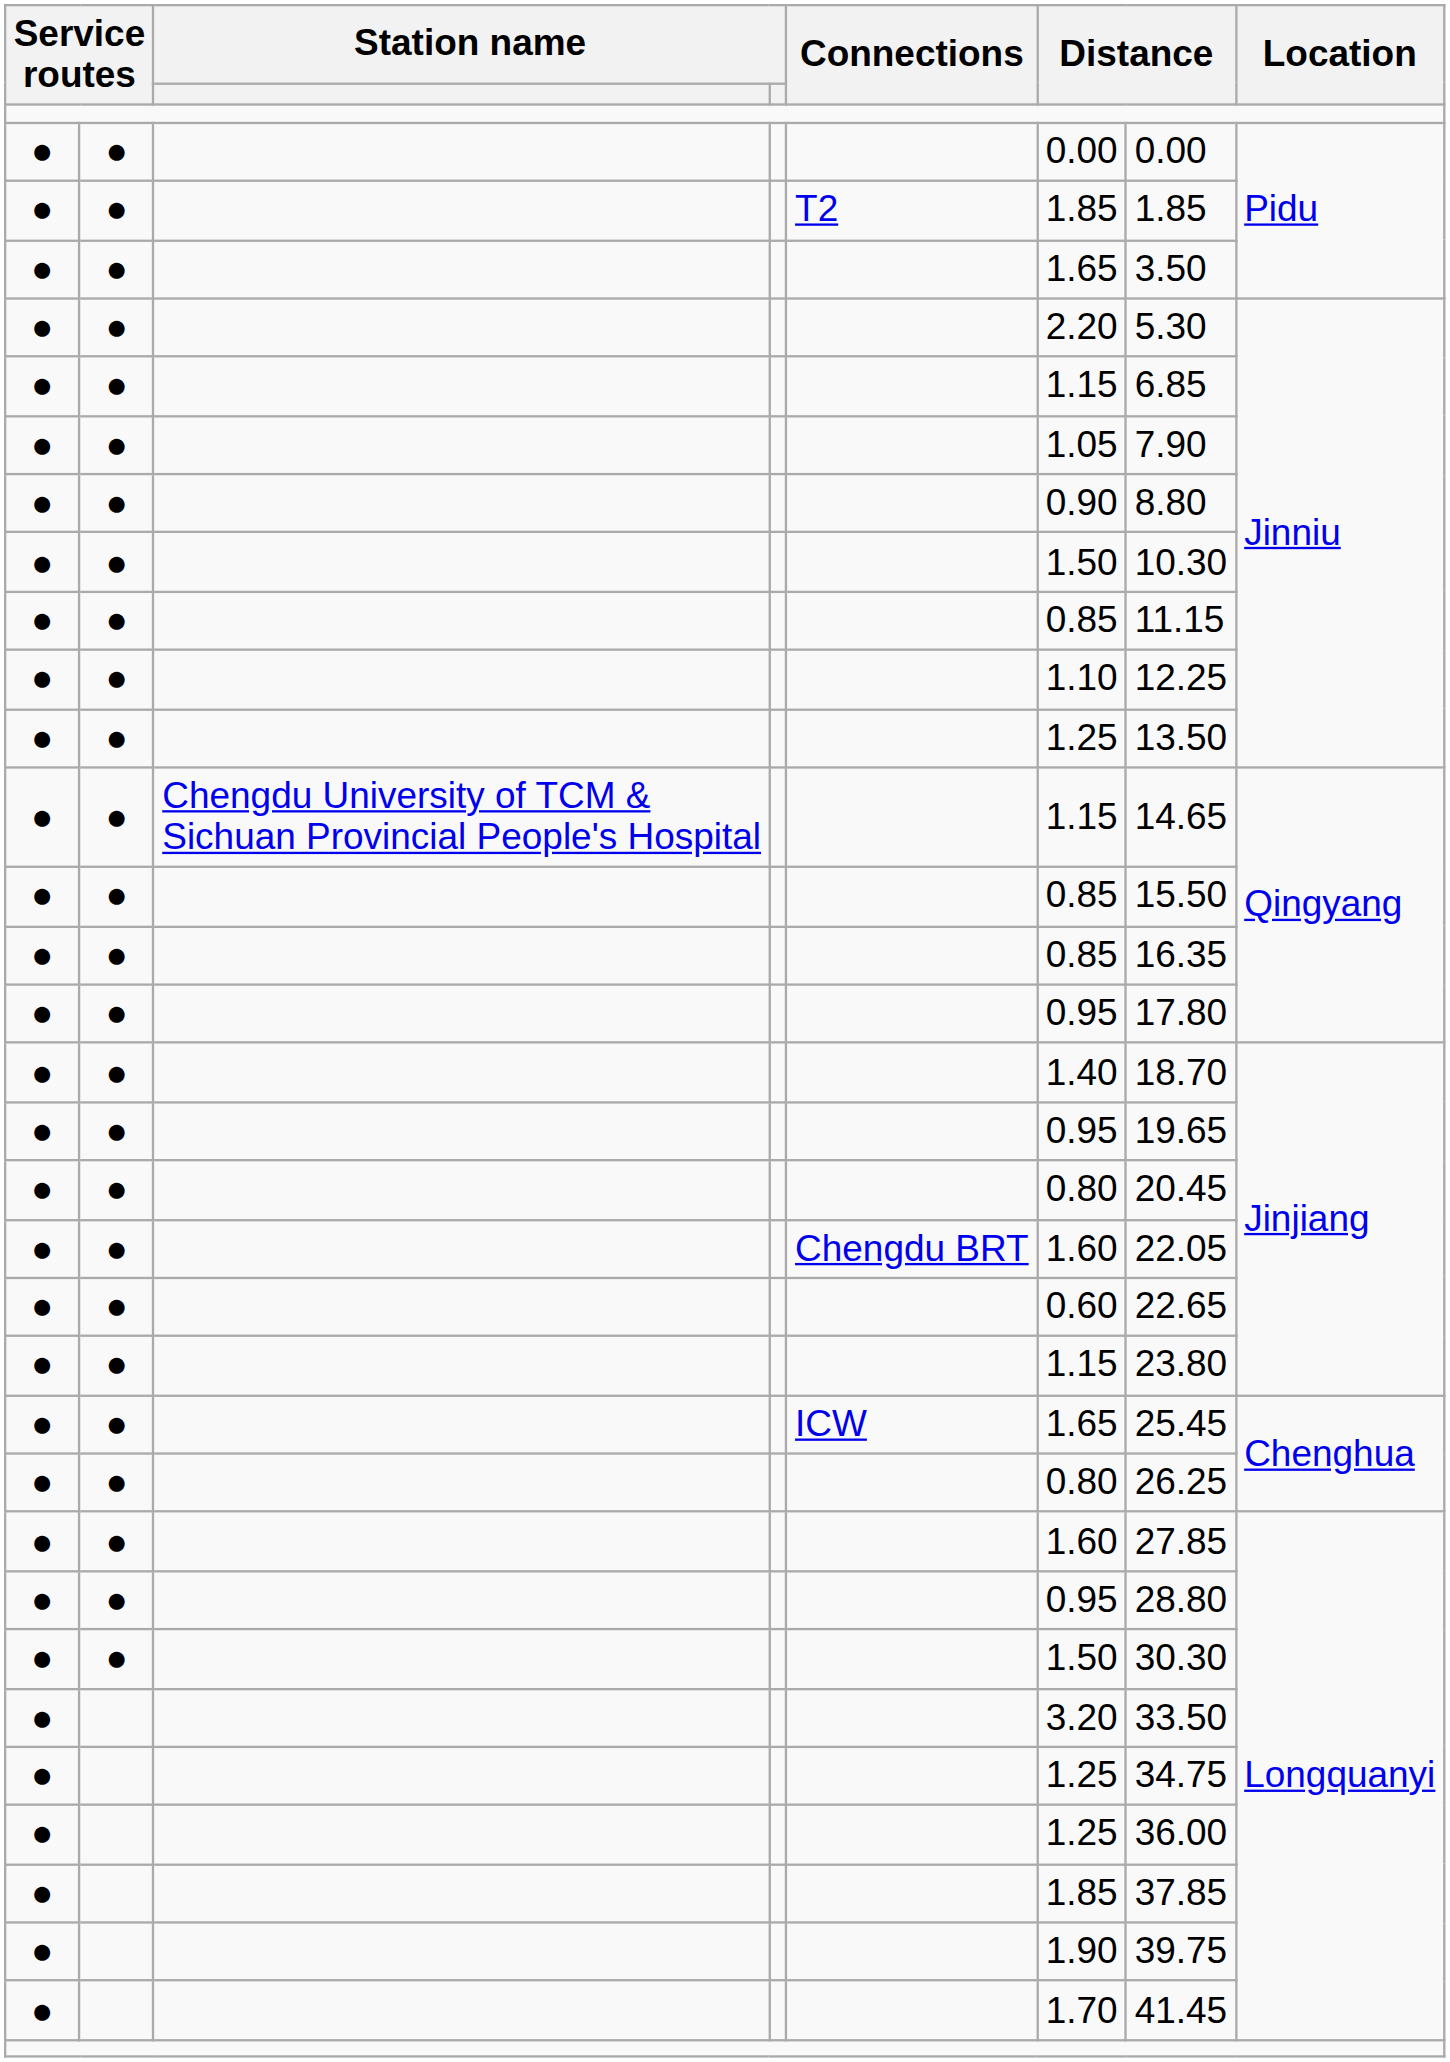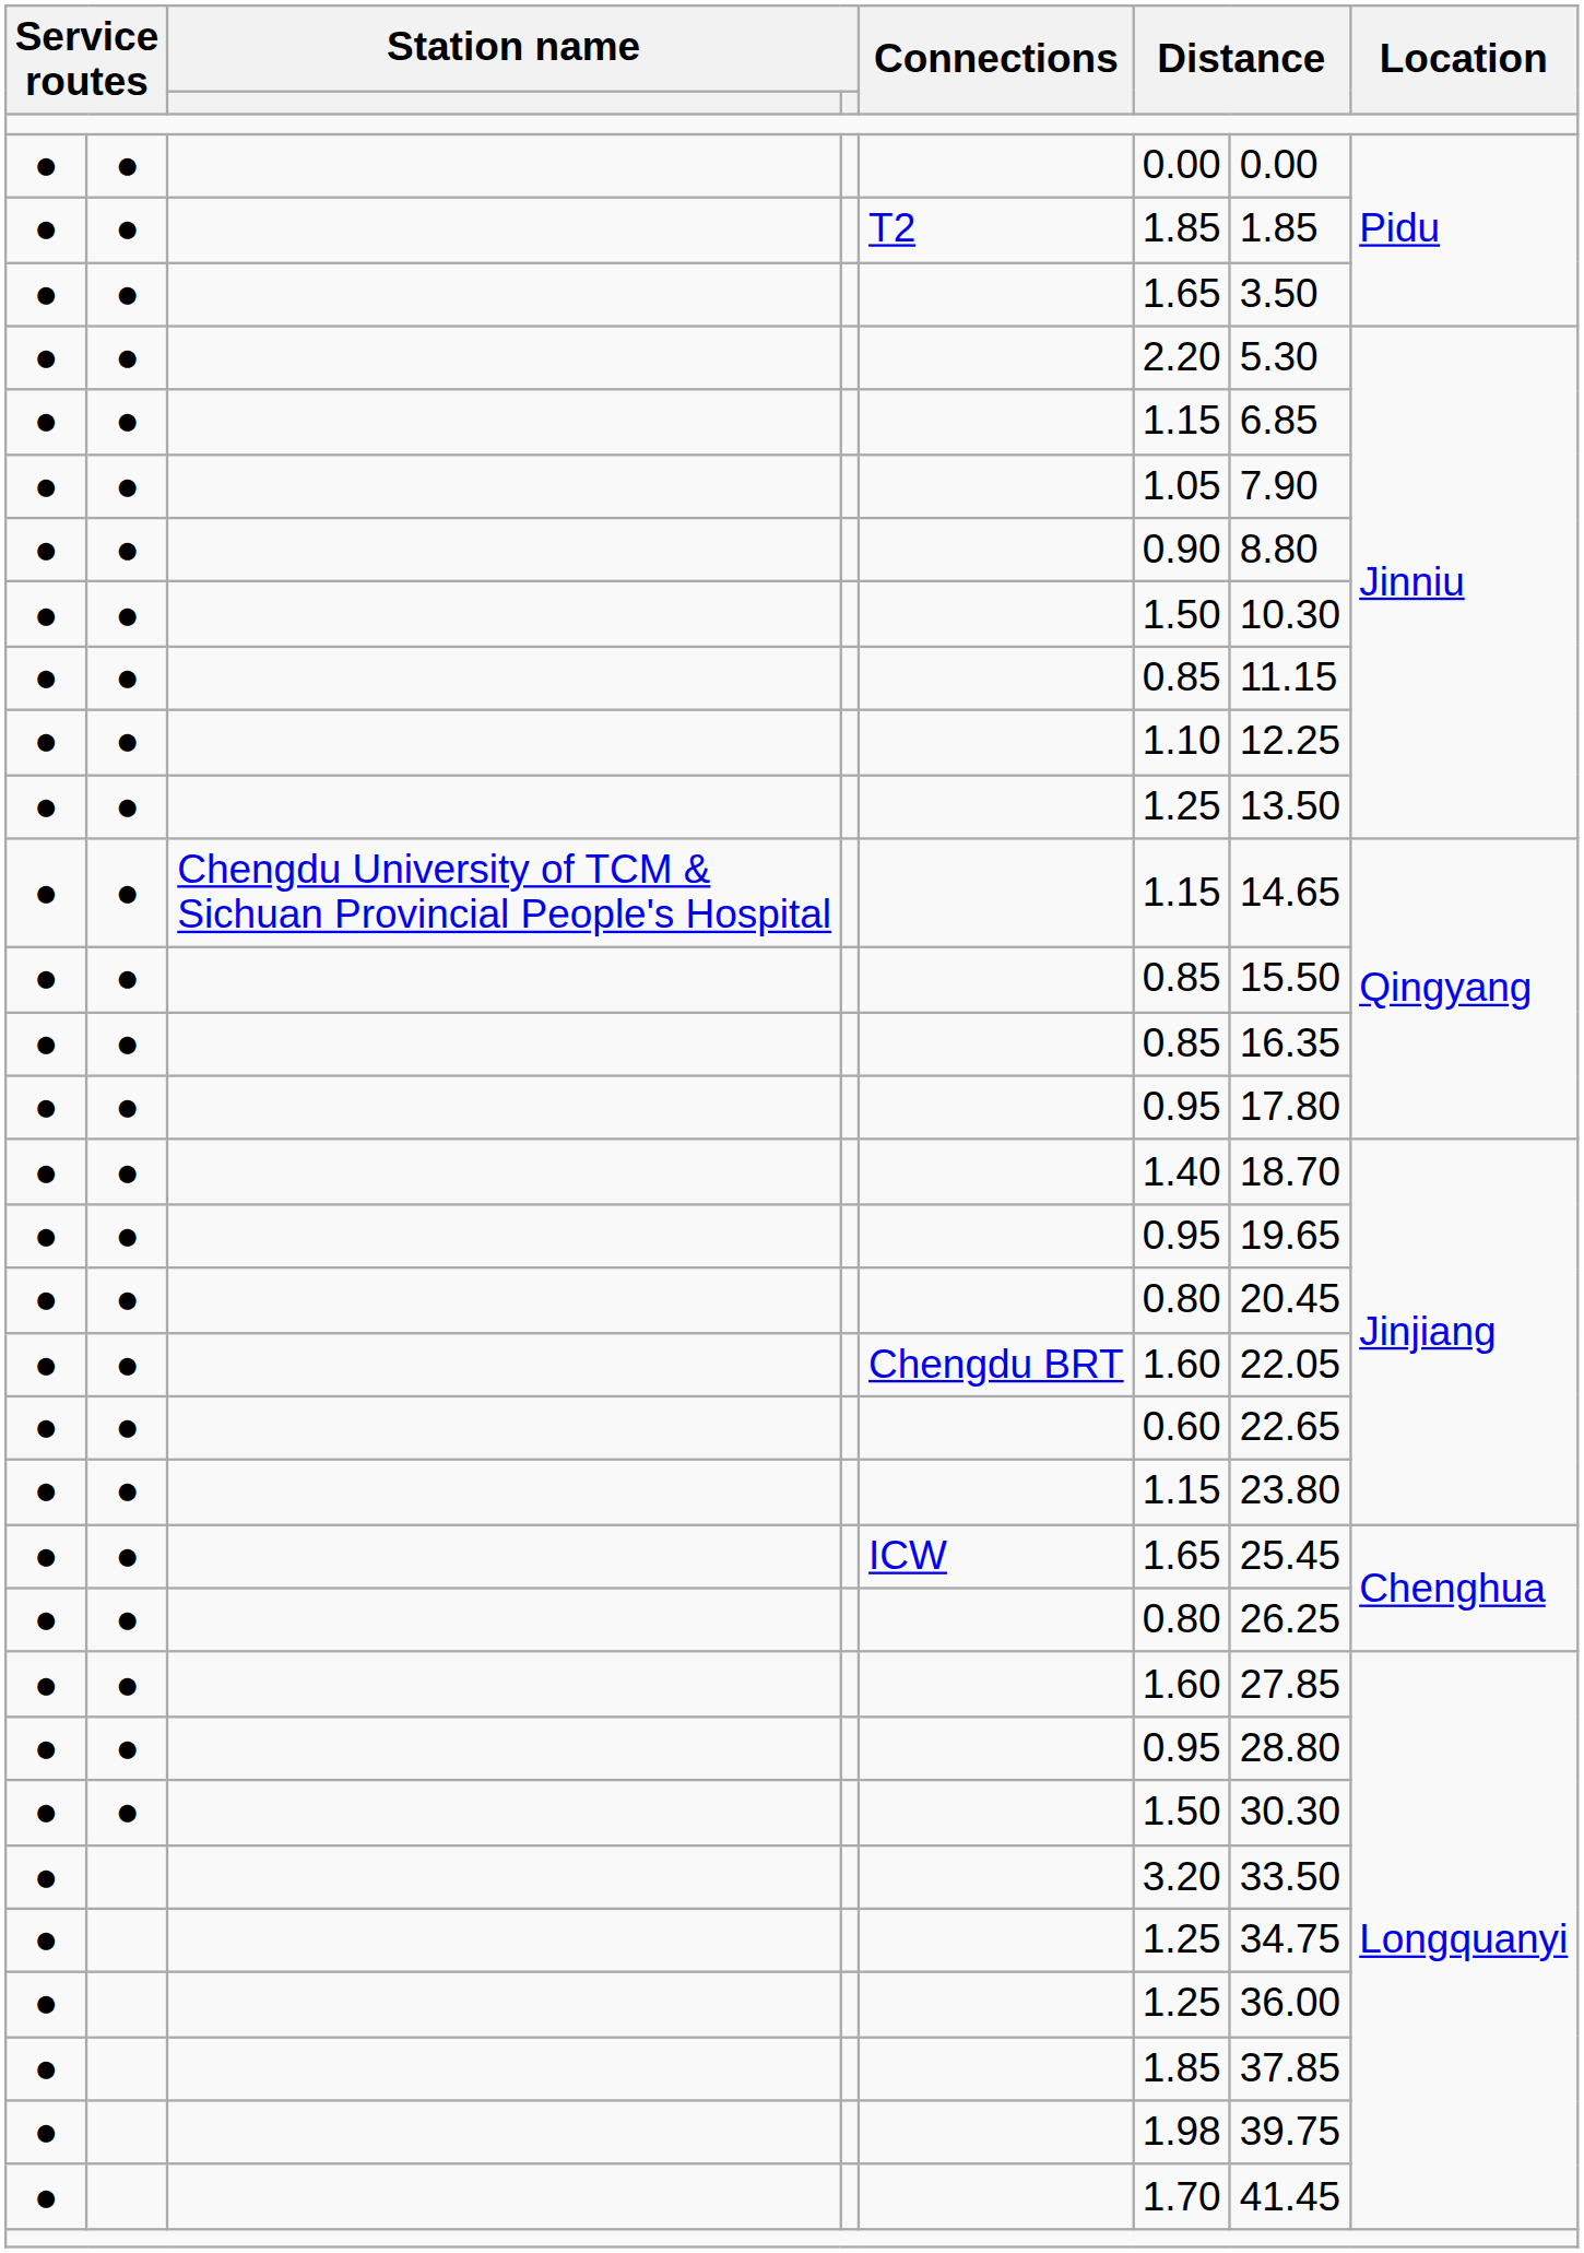 <table class="wikitable">
 <tr>
 <th rowspan="2" colspan="2">Service<br>routes</th>
 <th colspan="2">Station name</th>
 <th rowspan="2">Connections</th>
 <th colspan="2" rowspan="2">Distance<br></th>
 <th rowspan="2">Location</th>
 </tr>
 <tr>
 <th></th>
 <th></th>
 </tr>
 <tr style="background:#">
 <td colspan = "8"></td>
 </tr>
 <tr>
 <td align="center">●</td>
 <td align="center">●</td>
 <td></td>
 <td></td>
 <td> </td>
 <td>0.00</td>
 <td>0.00</td>
 <td rowspan="3"><a href='#'>Pidu</a></td>
 </tr>
 <tr>
 <td align="center">●</td>
 <td align="center">●</td>
 <td></td>
 <td></td>
 <td> <a href='#'>T2</a></td>
 <td>1.85</td>
 <td>1.85</td>
 </tr>
 <tr>
 <td align="center">●</td>
 <td align="center">●</td>
 <td></td>
 <td></td>
 <td></td>
 <td>1.65</td>
 <td>3.50</td>
 </tr>
 <tr>
 <td align="center">●</td>
 <td align="center">●</td>
 <td></td>
 <td></td>
 <td></td>
 <td>2.20</td>
 <td>5.30</td>
 <td rowspan="8"><a href='#'>Jinniu</a></td>
 </tr>
 <tr>
 <td align="center">●</td>
 <td align="center">●</td>
 <td></td>
 <td></td>
 <td></td>
 <td>1.15</td>
 <td>6.85</td>
 </tr>
 <tr>
 <td align="center">●</td>
 <td align="center">●</td>
 <td></td>
 <td></td>
 <td></td>
 <td>1.05</td>
 <td>7.90</td>
 </tr>
 <tr>
 <td align="center">●</td>
 <td align="center">●</td>
 <td></td>
 <td></td>
 <td></td>
 <td>0.90</td>
 <td>8.80</td>
 </tr>
 <tr>
 <td align="center">●</td>
 <td align="center">●</td>
 <td></td>
 <td></td>
 <td></td>
 <td>1.50</td>
 <td>10.30</td>
 </tr>
 <tr>
 <td align="center">●</td>
 <td align="center">●</td>
 <td></td>
 <td></td>
 <td></td>
 <td>0.85</td>
 <td>11.15</td>
 </tr>
 <tr>
 <td align="center">●</td>
 <td align="center">●</td>
 <td></td>
 <td></td>
 <td></td>
 <td>1.10</td>
 <td>12.25</td>
 </tr>
 <tr>
 <td align="center">●</td>
 <td align="center">●</td>
 <td></td>
 <td></td>
 <td></td>
 <td>1.25</td>
 <td>13.50</td>
 </tr>
 <tr>
 <td align="center">●</td>
 <td align="center">●</td>
 <td><a href='#'>Chengdu University of TCM &<br>Sichuan Provincial People's Hospital</a></td>
 <td></td>
 <td> </td>
 <td>1.15</td>
 <td>14.65</td>
 <td rowspan="4"><a href='#'>Qingyang</a></td>
 </tr>
 <tr>
 <td align="center">●</td>
 <td align="center">●</td>
 <td></td>
 <td></td>
 <td></td>
 <td>0.85</td>
 <td>15.50</td>
 </tr>
 <tr>
 <td align="center">●</td>
 <td align="center">●</td>
 <td></td>
 <td></td>
 <td></td>
 <td>0.85</td>
 <td>16.35</td>
 </tr>
 <tr>
 <td align="center">●</td>
 <td align="center">●</td>
 <td></td>
 <td></td>
 <td></td>
 <td>0.95</td>
 <td>17.80</td>
 </tr>
 <tr>
 <td align="center">●</td>
 <td align="center">●</td>
 <td></td>
 <td></td>
 <td></td>
 <td>1.40</td>
 <td>18.70</td>
 <td rowspan="6"><a href='#'>Jinjiang</a></td>
 </tr>
 <tr>
 <td align="center">●</td>
 <td align="center">●</td>
 <td></td>
 <td></td>
 <td></td>
 <td>0.95</td>
 <td>19.65</td>
 </tr>
 <tr>
 <td align="center">●</td>
 <td align="center">●</td>
 <td></td>
 <td></td>
 <td></td>
 <td>0.80</td>
 <td>20.45</td>
 </tr>
 <tr>
 <td align="center">●</td>
 <td align="center">●</td>
 <td></td>
 <td></td>
 <td> <a href='#'>Chengdu BRT</a></td>
 <td>1.60</td>
 <td>22.05</td>
 </tr>
 <tr>
 <td align="center">●</td>
 <td align="center">●</td>
 <td></td>
 <td></td>
 <td></td>
 <td>0.60</td>
 <td>22.65</td>
 </tr>
 <tr>
 <td align="center">●</td>
 <td align="center">●</td>
 <td></td>
 <td></td>
 <td></td>
 <td>1.15</td>
 <td>23.80</td>
 </tr>
 <tr>
 <td align="center">●</td>
 <td align="center">●</td>
 <td></td>
 <td></td>
 <td>  <a href='#'>ICW</a></td>
 <td>1.65</td>
 <td>25.45</td>
 <td rowspan="2"><a href='#'>Chenghua</a></td>
 </tr>
 <tr>
 <td align="center">●</td>
 <td align="center">●</td>
 <td></td>
 <td></td>
 <td></td>
 <td>0.80</td>
 <td>26.25</td>
 </tr>
 <tr>
 <td align="center">●</td>
 <td align="center">●</td>
 <td></td>
 <td></td>
 <td></td>
 <td>1.60</td>
 <td>27.85</td>
 <td rowspan="9"><a href='#'>Longquanyi</a></td>
 </tr>
 <tr>
 <td align="center">●</td>
 <td align="center">●</td>
 <td></td>
 <td></td>
 <td></td>
 <td>0.95</td>
 <td>28.80</td>
 </tr>
 <tr>
 <td align="center">●</td>
 <td align="center">●</td>
 <td></td>
 <td></td>
 <td></td>
 <td>1.50</td>
 <td>30.30</td>
 </tr>
 <tr>
 <td align="center">●</td>
 <td align="center"></td>
 <td></td>
 <td></td>
 <td></td>
 <td>3.20</td>
 <td>33.50</td>
 </tr>
 <tr>
 <td align="center">●</td>
 <td align="center"></td>
 <td></td>
 <td></td>
 <td></td>
 <td>1.25</td>
 <td>34.75</td>
 </tr>
 <tr>
 <td align="center">●</td>
 <td align="center"></td>
 <td></td>
 <td></td>
 <td></td>
 <td>1.25</td>
 <td>36.00</td>
 </tr>
 <tr>
 <td align="center">●</td>
 <td align="center"></td>
 <td></td>
 <td></td>
 <td></td>
 <td>1.85</td>
 <td>37.85</td>
 </tr>
 <tr>
 <td align="center">●</td>
 <td align="center"></td>
 <td></td>
 <td></td>
 <td></td>
-<td>1.90</td>
+<td>1.98</td>
 <td>39.75</td>
 </tr>
 <tr>
 <td align="center">●</td>
 <td align="center"></td>
 <td></td>
 <td></td>
 <td></td>
 <td>1.70</td>
 <td>41.45</td>
 </tr>
 <tr style="background:#">
 <td colspan = "8"></td>
 </tr>
 </table>
